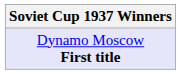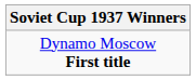 <table class="wikitable" style="text-align: center; margin: 0 auto;">
 <tr>
 <th>Soviet Cup 1937 Winners</th>
 </tr>
 <tr>
-<td style="background: lavender;"><a href='#'>Dynamo Moscow</a><br><strong>First title</strong></td>
+<td><a href='#'>Dynamo Moscow</a><br><strong>First title</strong></td>
 </tr>
 </table>
